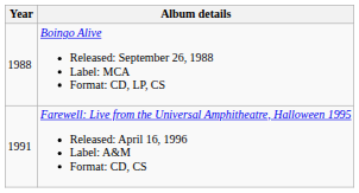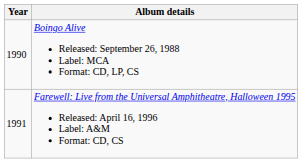 <table class="wikitable">
 <tr>
 <th style="width:2.3em;">Year</th>
 <th>Album details</th>
 </tr>
 <tr>
-<td>1988</td>
+<td>1990</td>
 <td><em><a href='#'>Boingo Alive</a></em><br><ul><li>Released: September 26, 1988</li><li>Label: MCA</li><li>Format: CD, LP, CS</li></ul></td>
 </tr>
 <tr>
 <td>1991</td>
 <td><em><a href='#'>Farewell: Live from the Universal Amphitheatre, Halloween 1995</a></em><br><ul><li>Released: April 16, 1996</li><li>Label: A&M</li><li>Format: CD, CS</li></ul></td>
 </tr>
 </table>
